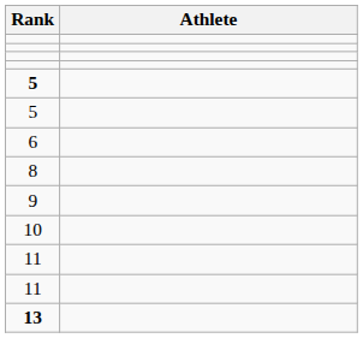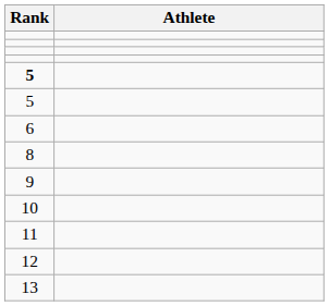 <table class="wikitable" style="text-align: center;">
 <tr>
 <th width=40>Rank</th>
 <th width=250>Athlete</th>
 </tr>
 <tr>
 <td></td>
 <td align=left></td>
 </tr>
 <tr>
 <td></td>
 <td align=left></td>
 </tr>
 <tr>
 <td></td>
 <td align=left></td>
 </tr>
 <tr>
 <td></td>
 <td align=left></td>
 </tr>
 <tr>
 <td><strong>5</strong></td>
 <td align=left></td>
 </tr>
 <tr>
 <td>5</td>
 <td align=left></td>
 </tr>
 <tr>
 <td>6</td>
 <td align=left></td>
 </tr>
 <tr>
 <td>8</td>
 <td align=left></td>
 </tr>
 <tr>
 <td>9</td>
 <td align=left></td>
 </tr>
 <tr>
 <td>10</td>
 <td align=left></td>
 </tr>
 <tr>
 <td>11</td>
 <td align=left></td>
 </tr>
 <tr>
-<td>11</td>
+<td>12</td>
 <td align=left></td>
 </tr>
 <tr>
-<td><strong>13</strong></td>
+<td>13</td>
 <td align=left></td>
 </tr>
 </table>
